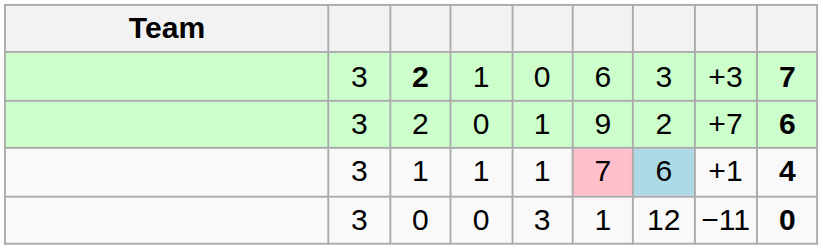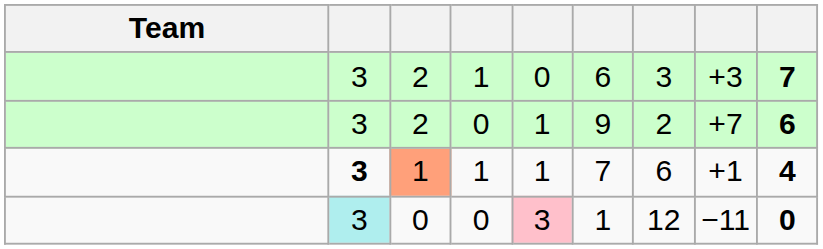 <table class="wikitable" style="text-align: center;">
 <tr>
 <th style="width:165px;">Team</th>
 <th width="25"></th>
 <th width="25"></th>
 <th width="25"></th>
 <th width="25"></th>
 <th width="25"></th>
 <th width="25"></th>
 <th width="25"></th>
 <th width="25"></th>
 </tr>
 <tr style="background:#cfc;">
 <td align="left"></td>
 <td>3</td>
-<td><strong>2</strong></td>
+<td>2</td>
 <td>1</td>
 <td>0</td>
 <td>6</td>
 <td>3</td>
 <td>+3</td>
 <td><strong>7</strong></td>
 </tr>
 <tr style="background:#cfc;">
 <td align="left"></td>
 <td>3</td>
 <td>2</td>
 <td>0</td>
 <td>1</td>
 <td>9</td>
 <td>2</td>
 <td>+7</td>
 <td><strong>6</strong></td>
 </tr>
 <tr>
 <td align="left"></td>
-<td>3</td>
+<td><strong>3</strong></td>
+<td style="background: lightsalmon;">1</td>
 <td>1</td>
 <td>1</td>
-<td>1</td>
-<td style="background: pink;">7</td>
-<td style="background: lightblue;">6</td>
+<td>7</td>
+<td>6</td>
 <td>+1</td>
 <td><strong>4</strong></td>
 </tr>
 <tr>
 <td align="left"></td>
-<td>3</td>
+<td style="background: paleturquoise;">3</td>
 <td>0</td>
 <td>0</td>
-<td>3</td>
+<td style="background: pink;">3</td>
 <td>1</td>
 <td>12</td>
 <td>−11</td>
 <td><strong>0</strong></td>
 </tr>
 </table>
